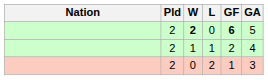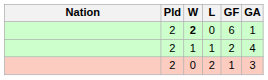 <table class=wikitable style="text-align:center">
 <tr>
 <th width=220>Nation</th>
 <th width=20>Pld</th>
 <th width=20>W</th>
 <th width=20>L</th>
 <th width=20>GF</th>
 <th width=20>GA</th>
 </tr>
 <tr bgcolor="#ccffcc">
 <td align=left></td>
 <td>2</td>
 <td><strong>2</strong></td>
 <td>0</td>
-<td><strong>6</strong></td>
-<td>5</td>
+<td>6</td>
+<td>1</td>
 </tr>
 <tr bgcolor="#ccffcc">
 <td align=left></td>
 <td>2</td>
 <td>1</td>
 <td>1</td>
 <td>2</td>
 <td>4</td>
 </tr>
 <tr bgcolor="#fcccc">
 <td align=left></td>
 <td>2</td>
 <td>0</td>
 <td>2</td>
 <td>1</td>
 <td>3</td>
 </tr>
 </table>
